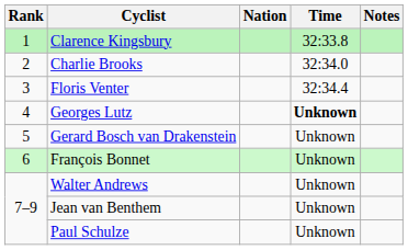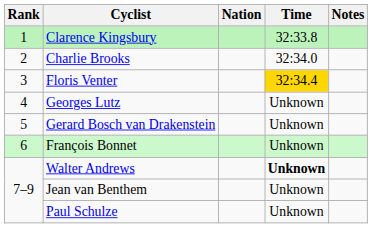 <table class="wikitable sortable">
 <tr>
 <th>Rank</th>
 <th>Cyclist</th>
 <th>Nation</th>
 <th>Time</th>
 <th>Notes</th>
 </tr>
 <tr bgcolor=bbf3bb>
 <td align=center>1</td>
 <td><a href='#'>Clarence Kingsbury</a></td>
 <td></td>
 <td align=center>32:33.8</td>
 <td align=center></td>
 </tr>
 <tr>
 <td align=center>2</td>
 <td><a href='#'>Charlie Brooks</a></td>
 <td></td>
 <td align=center>32:34.0</td>
 <td></td>
 </tr>
 <tr>
 <td align=center>3</td>
 <td><a href='#'>Floris Venter</a></td>
 <td></td>
-<td align=center>32:34.4</td>
+<td align=center style="background: gold;">32:34.4</td>
 <td></td>
 </tr>
 <tr>
 <td align=center>4</td>
 <td><a href='#'>Georges Lutz</a></td>
 <td></td>
-<td align=center><strong>Unknown</strong></td>
+<td align=center>Unknown</td>
 <td></td>
 </tr>
 <tr>
 <td align=center>5</td>
 <td><a href='#'>Gerard Bosch van Drakenstein</a></td>
 <td></td>
 <td align=center>Unknown</td>
 <td></td>
 </tr>
 <tr bgcolor=ccf9cc>
 <td align=center>6</td>
 <td>François Bonnet</td>
 <td></td>
 <td align=center>Unknown</td>
 <td align=center></td>
 </tr>
 <tr>
 <td align=center rowspan=3>7–9</td>
 <td><a href='#'>Walter Andrews</a></td>
 <td></td>
-<td align=center>Unknown</td>
+<td align=center><strong>Unknown</strong></td>
 <td></td>
 </tr>
 <tr>
 <td>Jean van Benthem</td>
 <td></td>
 <td align=center>Unknown</td>
 <td></td>
 </tr>
 <tr>
 <td><a href='#'>Paul Schulze</a></td>
 <td></td>
 <td align=center>Unknown</td>
 <td></td>
 </tr>
 </table>
